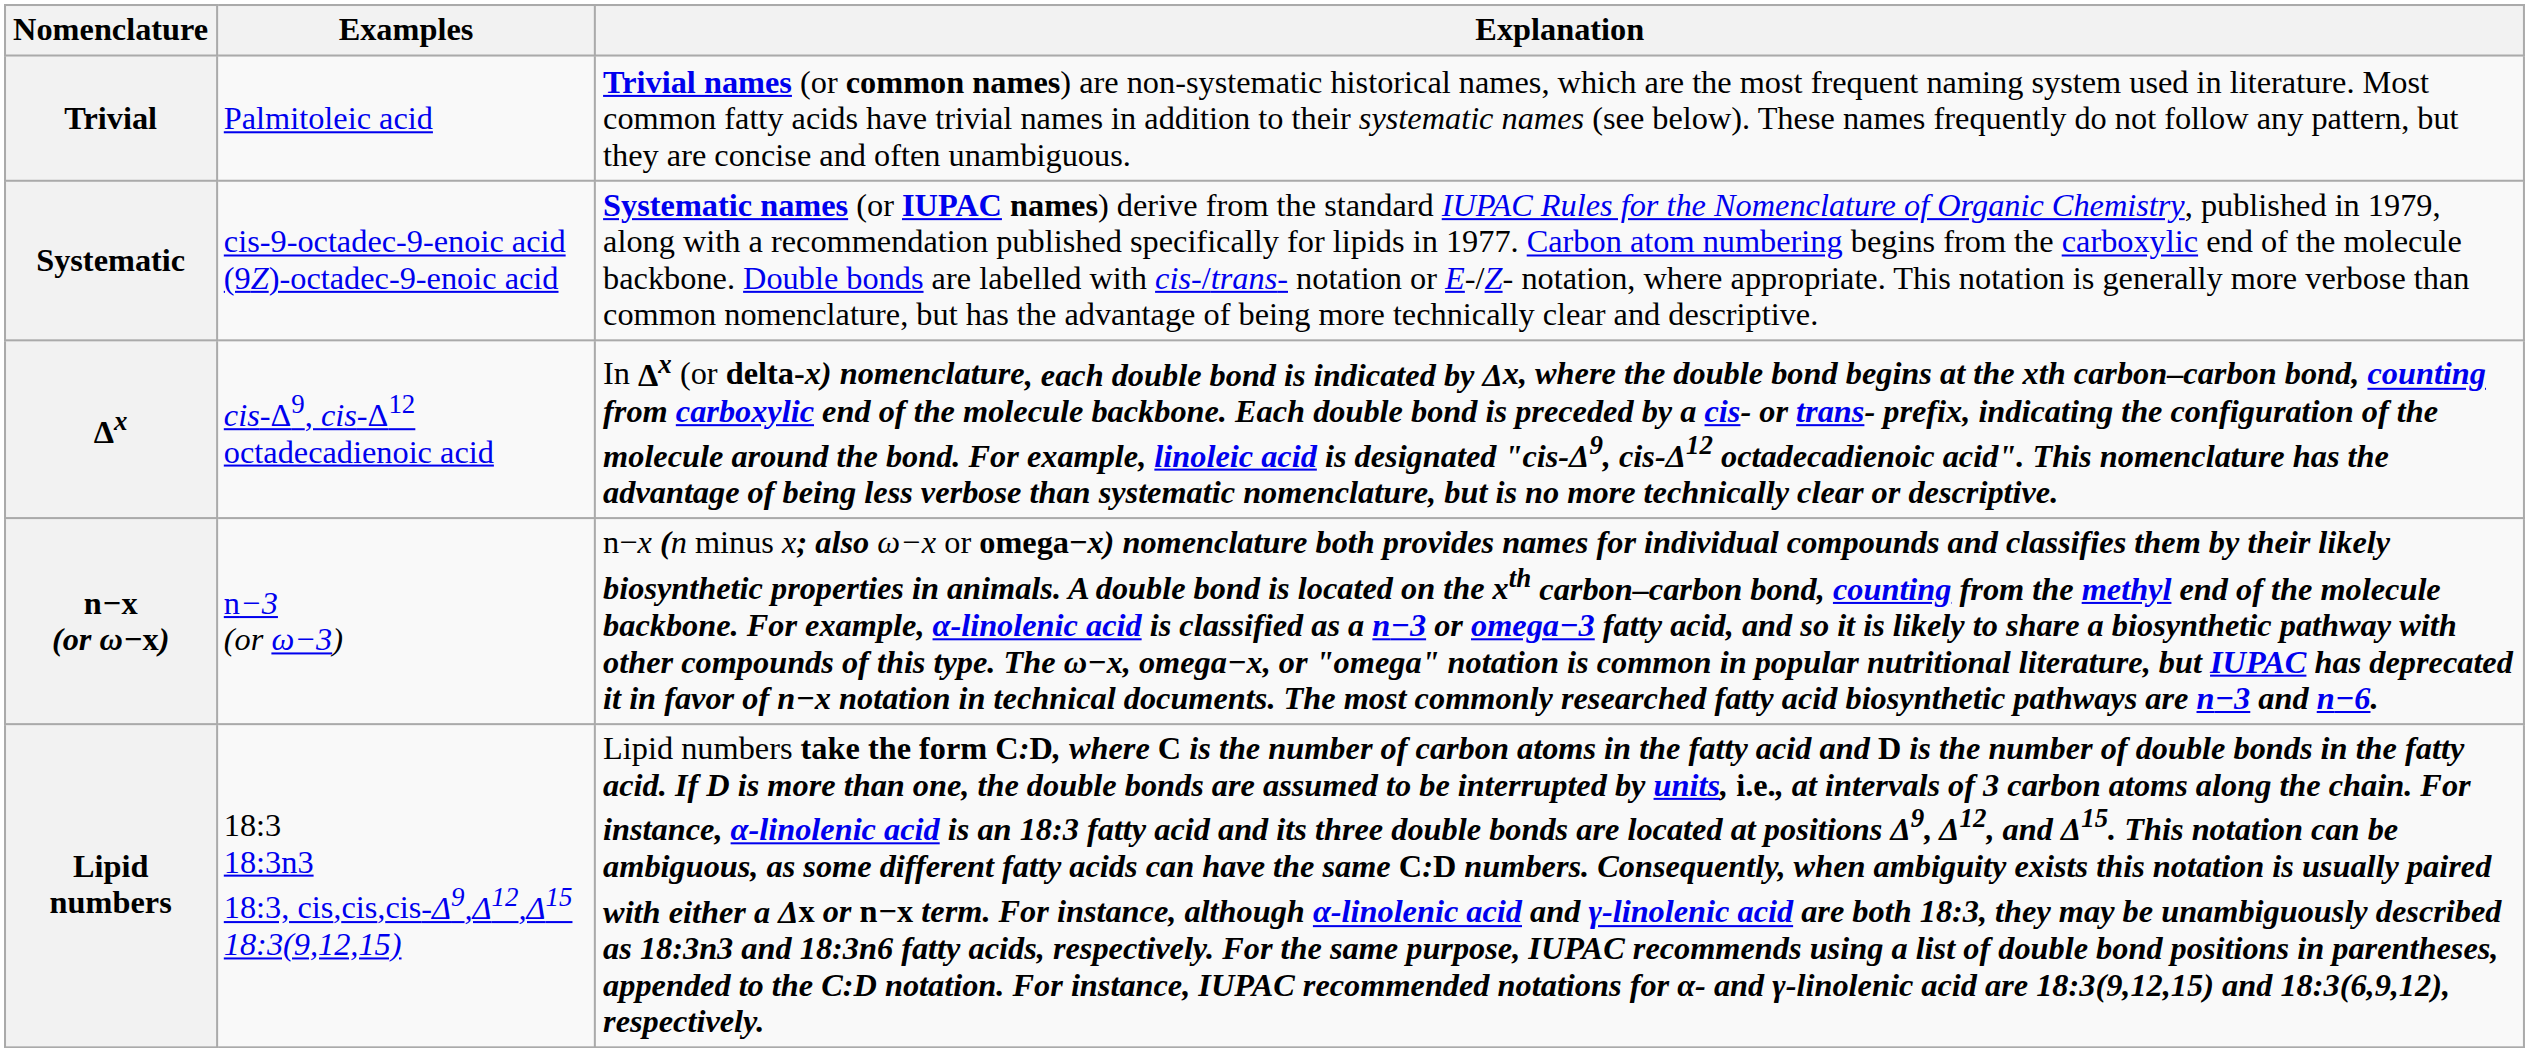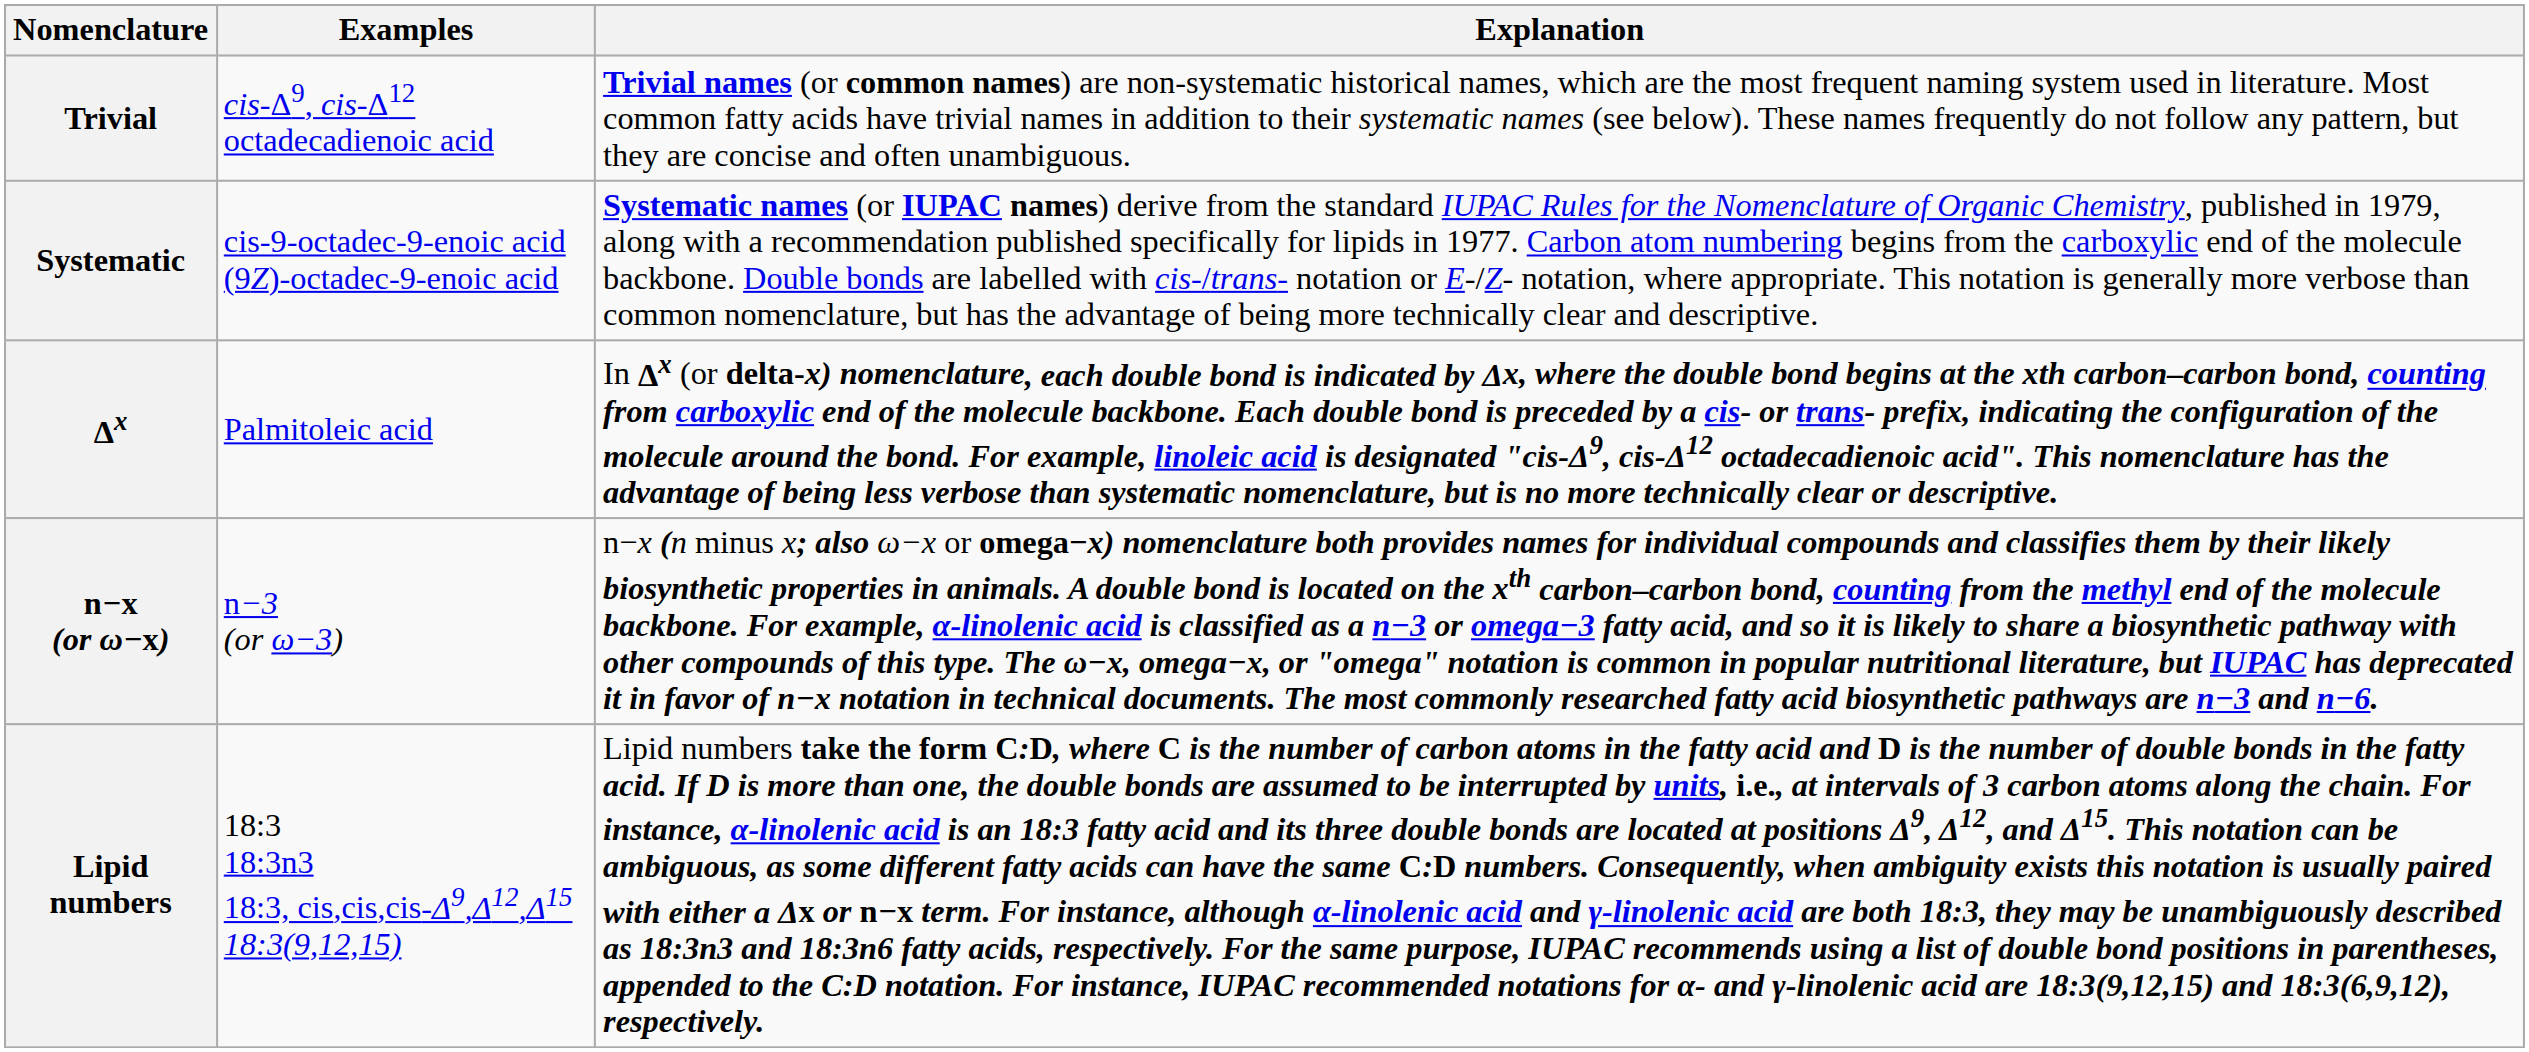 <table class="wikitable">
 <tr>
 <th>Nomenclature</th>
 <th>Examples</th>
 <th>Explanation</th>
 </tr>
 <tr>
 <th>Trivial</th>
-<td><a href='#'>Palmitoleic acid</a></td>
+<td><a href='#'><em>cis</em>-Δ<sup>9</sup>, <em>cis</em>-Δ<sup>12</sup> octadecadienoic acid</a></td>
 <td><strong><a href='#'>Trivial names</a></strong> (or <strong>common names</strong>) are non-systematic historical names, which are the most frequent naming system used in literature. Most common fatty acids have trivial names in addition to their <em>systematic names</em> (see below). These names frequently do not follow any pattern, but they are concise and often unambiguous.</td>
 </tr>
 <tr>
 <th>Systematic</th>
 <td><a href='#'>cis-9-octadec-9-enoic acid</a><br><a href='#'>(9<em>Z</em>)-octadec-9-enoic acid</a></td>
 <td><strong><a href='#'>Systematic names</a></strong> (or <strong><a href='#'>IUPAC</a> names</strong>) derive from the standard <em><a href='#'>IUPAC Rules for the Nomenclature of Organic Chemistry</a></em>, published in 1979, along with a recommendation published specifically for lipids in 1977. <a href='#'>Carbon atom numbering</a> begins from the <a href='#'>carboxylic</a> end of the molecule backbone. <a href='#'>Double bonds</a> are labelled with <a href='#'><em>cis</em>-/<em>trans</em>-</a> notation or <em><a href='#'>E</a></em>-/<em><a href='#'>Z</a></em>- notation, where appropriate. This notation is generally more verbose than common nomenclature, but has the advantage of being more technically clear and descriptive.</td>
 </tr>
 <tr>
 <th>Δ<sup><em>x</em></sup></th>
-<td><a href='#'><em>cis</em>-Δ<sup>9</sup>, <em>cis</em>-Δ<sup>12</sup> octadecadienoic acid</a></td>
+<td><a href='#'>Palmitoleic acid</a></td>
 <td>In <strong>Δ<sup><em>x</em></sup></strong> (or <strong>delta-<em>x<strong><em>) </strong>nomenclature<strong>, each double bond is indicated by Δ<sup></em>x<em></sup>, where the double bond begins at the </em>x<em>th carbon–carbon bond, <a href='#'>counting</a> from <a href='#'>carboxylic</a> end of the molecule backbone. Each double bond is preceded by a </em><a href='#'>cis</a><em>- or </em><a href='#'>trans</a><em>- prefix, indicating the configuration of the molecule around the bond. For example, <a href='#'>linoleic acid</a> is designated "</em>cis<em>-Δ<sup>9</sup>, </em>cis<em>-Δ<sup>12</sup> octadecadienoic acid". This nomenclature has the advantage of being less verbose than systematic nomenclature, but is no more technically clear or descriptive.</td>
 </tr>
 <tr>
 <th></em>n<em>−</em>x<em> <br>(or ω−</em>x<em>)</th>
 <td><a href='#'></em>n<em>−3</a><br>(or <a href='#'>ω−3</a>)</td>
 <td></em></strong>n</em>−<em>x<strong><em> (</em></strong>n</em> minus <em>x<strong><em>; also </strong>ω−</em>x</em></strong> or <strong>omega−<em>x<strong><em>) </strong>nomenclature<strong> both provides names for individual compounds and classifies them by their likely biosynthetic properties in animals. A double bond is located on the </em>x<em><sup>th</sup> carbon–carbon bond, <a href='#'>counting</a> from the <a href='#'>methyl</a> end of the molecule backbone. For example, <a href='#'>α-linolenic acid</a> is classified as a <a href='#'></em>n<em>−3</a> or <a href='#'>omega−3</a> fatty acid, and so it is likely to share a biosynthetic pathway with other compounds of this type. The ω−</em>x<em>, omega−</em>x<em>, or "omega" notation is common in popular nutritional literature, but <a href='#'>IUPAC</a> has deprecated it in favor of </em>n<em>−</em>x<em> notation in technical documents. The most commonly researched fatty acid biosynthetic pathways are <a href='#'></em>n<em>−3</a> and <a href='#'></em>n<em>−6</a>.</td>
 </tr>
 <tr>
 <th>Lipid numbers</th>
 <td>18:3<br><a href='#'>18:3n3</a><br><a href='#'>18:3, </em>cis<em>,</em>cis<em>,</em>cis<em>-Δ<sup>9</sup>,Δ<sup>12</sup>,Δ<sup>15</sup></a><br><a href='#'>18:3(9,12,15)</a></td>
 <td></strong>Lipid numbers<strong> take the form </em>C<em>:</em>D<em>, where </em>C<em> is the number of carbon atoms in the fatty acid and </em>D<em> is the number of double bonds in the fatty acid. If D is more than one, the double bonds are assumed to be interrupted by <a href='#'> units</a>, </em>i.e.<em>, at intervals of 3 carbon atoms along the chain. For instance, <a href='#'>α-linolenic acid</a> is an 18:3 fatty acid and its three double bonds are located at positions Δ<sup>9</sup>, Δ<sup>12</sup>, and Δ<sup>15</sup>. This notation can be ambiguous, as some different fatty acids can have the same </em>C<em>:</em>D<em> numbers. Consequently, when ambiguity exists this notation is usually paired with either a Δ<sup></em>x<em></sup> or </em>n<em>−</em>x<em> term. For instance, although <a href='#'>α-linolenic acid</a> and <a href='#'>γ-linolenic acid</a> are both 18:3, they may be unambiguously described as 18:3n3 and 18:3n6 fatty acids, respectively. For the same purpose, IUPAC recommends using a list of double bond positions in parentheses, appended to the C:D notation. For instance, IUPAC recommended notations for α- and γ-linolenic acid are 18:3(9,12,15) and 18:3(6,9,12), respectively.</td>
 </tr>
 </table>
